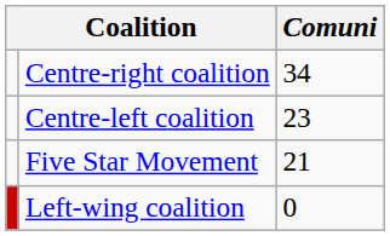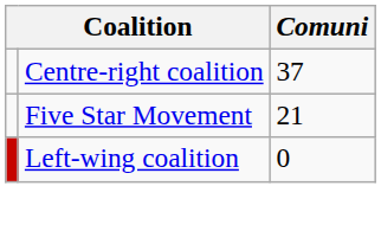 <table class="wikitable">
 <tr>
 <th colspan=2>Coalition</th>
 <th><em>Comuni</em></th>
 </tr>
 <tr>
 <td style="color:inherit;background:"></td>
 <td><a href='#'>Centre-right coalition</a></td>
-<td>34</td>
-</tr>
-<tr>
-<td style="color:inherit;background:"></td>
-<td><a href='#'>Centre-left coalition</a></td>
-<td>23</td>
+<td>37</td>
 </tr>
 <tr>
 <td style="color:inherit;background:"></td>
 <td><a href='#'>Five Star Movement</a></td>
 <td>21</td>
 </tr>
 <tr>
 <td style="color:inherit;background:#C60400"></td>
 <td><a href='#'>Left-wing coalition</a></td>
 <td>0</td>
 </tr>
 </table>
